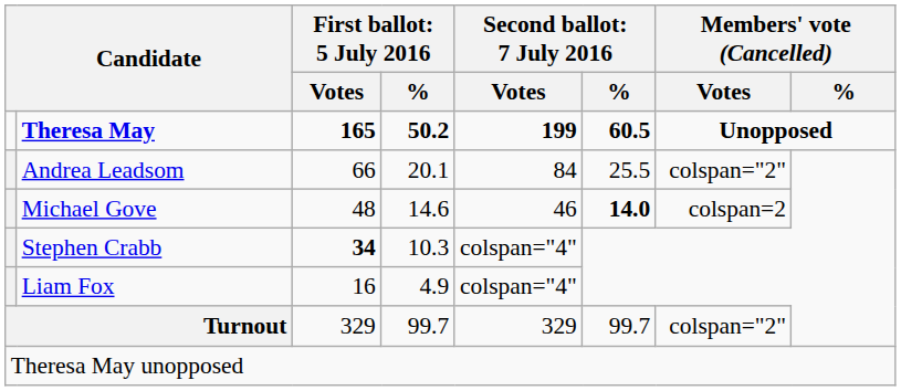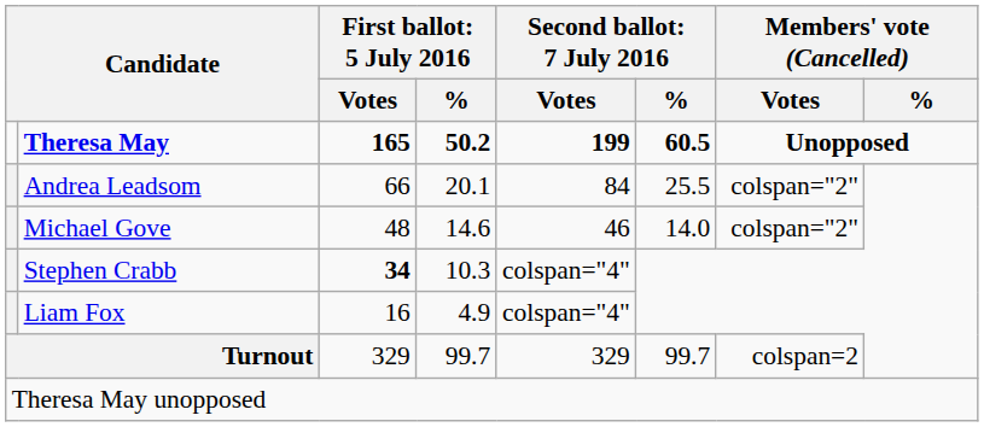 <table class="wikitable" style="font-size:95%; text-align:right"            |>
 <tr>
 <th colspan="2" rowspan=2>Candidate</th>
 <th colspan="2">First ballot:<br>5 July 2016</th>
 <th colspan="2">Second ballot:<br>7 July 2016</th>
 <th colspan="2">Members' vote<br><em>(Cancelled)</em></th>
 </tr>
 <tr>
 <th style="width: 50px">Votes</th>
 <th style="width: 40px">%</th>
 <th style="width: 50px">Votes</th>
 <th style="width: 40px">%</th>
 <th style="width: 80px">Votes</th>
 <th style="width: 60px">%</th>
 </tr>
 <tr>
 <td style="background-color: "></td>
 <td style="width: 170px; text-align:left"><strong><a href='#'>Theresa May</a></strong></td>
 <td><strong>165</strong></td>
 <td><strong>50.2</strong></td>
 <td><strong>199</strong></td>
 <td><strong>60.5</strong></td>
 <td colspan="2" style="text-align:center"><strong>Unopposed</strong></td>
 </tr>
 <tr>
 <th style="background-color: "></th>
 <td style="width: 170px; text-align:left"><a href='#'>Andrea Leadsom</a></td>
 <td>66</td>
 <td>20.1</td>
 <td>84</td>
 <td>25.5</td>
 <td>colspan="2" </td>
 </tr>
 <tr>
 <th style="background-color: "></th>
 <td style="width: 170px; text-align:left"><a href='#'>Michael Gove</a></td>
 <td>48</td>
 <td>14.6</td>
 <td>46</td>
-<td><strong>14.0</strong></td>
-<td>colspan=2 </td>
+<td>14.0</td>
+<td>colspan="2" </td>
 </tr>
 <tr>
 <th style="background-color: "></th>
 <td style="width: 170px; text-align:left"><a href='#'>Stephen Crabb</a></td>
 <td><strong>34</strong></td>
 <td>10.3</td>
 <td>colspan="4" </td>
 </tr>
 <tr>
 <th style="background-color: "></th>
 <td style="width: 170px; text-align:left"><a href='#'>Liam Fox</a></td>
 <td>16</td>
 <td>4.9</td>
 <td>colspan="4" </td>
 </tr>
 <tr>
 <th colspan="2" style="text-align:right;">Turnout</th>
 <td>329</td>
 <td>99.7</td>
 <td>329</td>
 <td>99.7</td>
-<td>colspan="2" </td>
+<td>colspan=2 </td>
 </tr>
 <tr>
 <td colspan="8" style="text-align:left;">Theresa May unopposed</td>
 </tr>
 </table>
